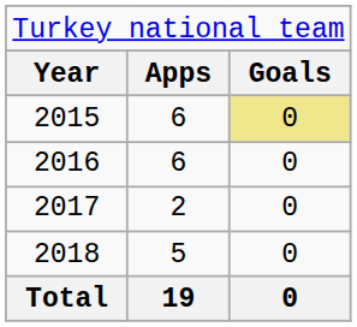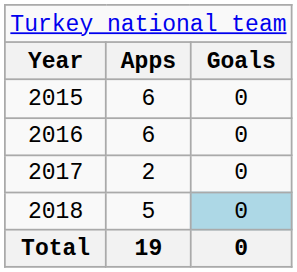 <table class="wikitable" style="text-align:center">
 <tr>
 <td colspan="3"><a href='#'>Turkey national team</a></td>
 </tr>
 <tr>
 <th>Year</th>
 <th>Apps</th>
 <th>Goals</th>
 </tr>
 <tr>
 <td>2015</td>
 <td>6</td>
-<td style="background: khaki;">0</td>
+<td>0</td>
 </tr>
 <tr>
 <td>2016</td>
 <td>6</td>
 <td>0</td>
 </tr>
 <tr>
 <td>2017</td>
 <td>2</td>
 <td>0</td>
 </tr>
 <tr>
 <td>2018</td>
 <td>5</td>
-<td>0</td>
+<td style="background: lightblue;">0</td>
 </tr>
 <tr>
 <th>Total</th>
 <th>19</th>
 <th>0</th>
 </tr>
 </table>
